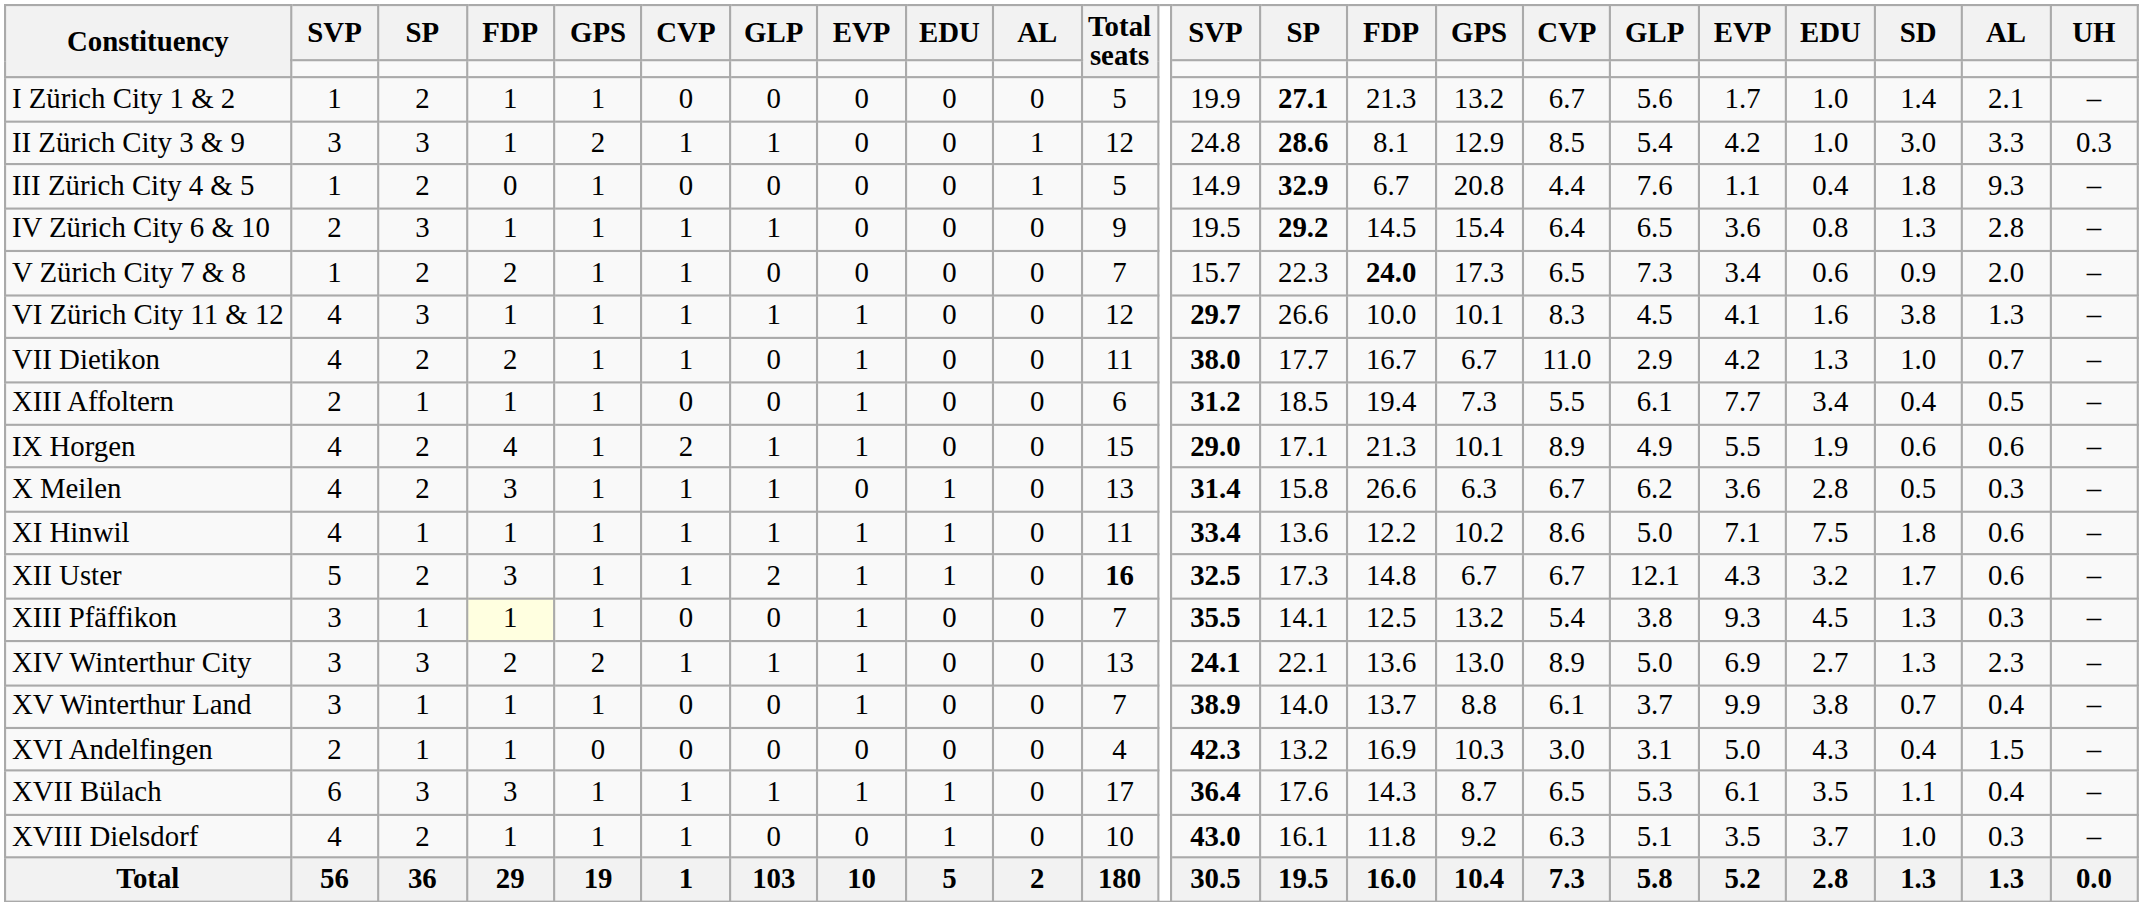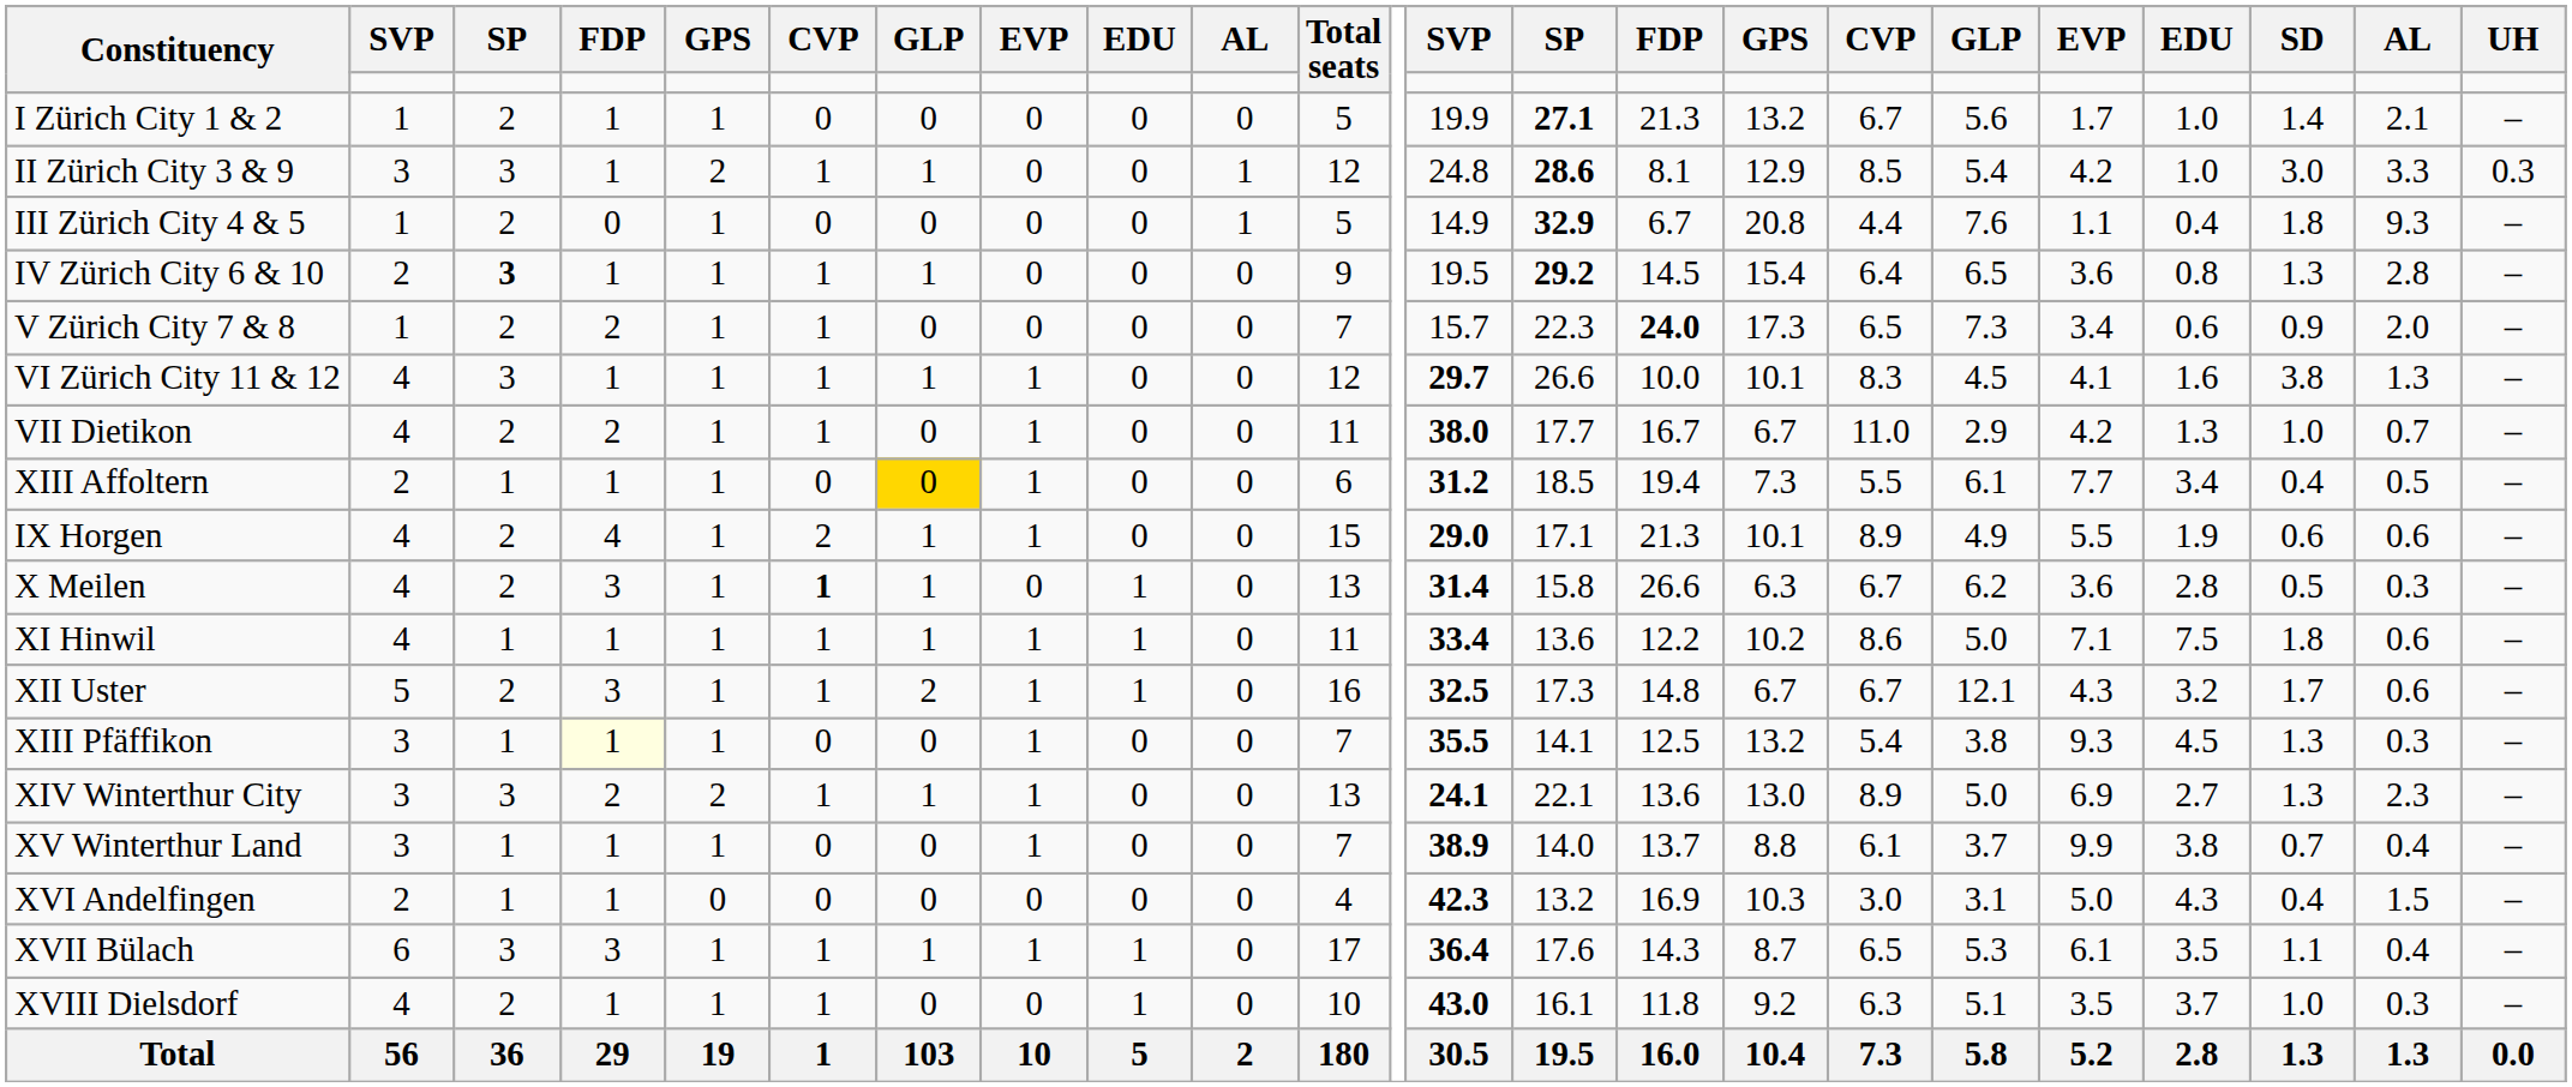 <table class="wikitable mw-datatable" style="text-align:center; font-size:85%; line-height:14px;">
 <tr>
 <th rowspan=2>Constituency</th>
 <th>SVP</th>
 <th>SP</th>
 <th>FDP</th>
 <th>GPS</th>
 <th>CVP</th>
 <th>GLP</th>
 <th>EVP</th>
 <th>EDU</th>
 <th>AL</th>
 <th rowspan=2>Total<br>seats</th>
 <td style="background-color:white;" rowspan=22></td>
 <th>SVP</th>
 <th>SP</th>
 <th>FDP</th>
 <th>GPS</th>
 <th>CVP</th>
 <th>GLP</th>
 <th>EVP</th>
 <th>EDU</th>
 <th>SD</th>
 <th>AL</th>
 <th>UH</th>
 </tr>
 <tr>
 <td style="width:35px; background-color:"></td>
 <td style="width:35px; background-color:"></td>
 <td style="width:35px; background-color:"></td>
 <td style="width:35px; background-color:"></td>
 <td style="width:35px; background-color:"></td>
 <td style="width:35px; background-color:"></td>
 <td style="width:35px; background-color:"></td>
 <td style="width:35px; background-color:"></td>
 <td style="width:35px; background-color:"></td>
 <td style="width:35px; background-color:"></td>
 <td style="width:35px; background-color:"></td>
 <td style="width:35px; background-color:"></td>
 <td style="width:35px; background-color:"></td>
 <td style="width:35px; background-color:"></td>
 <td style="width:35px; background-color:"></td>
 <td style="width:35px; background-color:"></td>
 <td style="width:35px; background-color:"></td>
 <td style="width:35px; background-color:"></td>
 <td style="width:35px; background-color:"></td>
 <td style="width:35px; background-color:"></td>
 </tr>
 <tr>
 <td align="left">I Zürich City 1 & 2</td>
 <td>1</td>
 <td>2</td>
 <td>1</td>
 <td>1</td>
 <td>0</td>
 <td>0</td>
 <td>0</td>
 <td>0</td>
 <td>0</td>
 <td>5</td>
 <td>19.9</td>
 <td style="background-color:#"><strong>27.1</strong></td>
 <td>21.3</td>
 <td>13.2</td>
 <td>6.7</td>
 <td>5.6</td>
 <td>1.7</td>
 <td>1.0</td>
 <td>1.4</td>
 <td>2.1</td>
 <td>–</td>
 </tr>
 <tr>
 <td align="left">II Zürich City 3 & 9</td>
 <td>3</td>
 <td>3</td>
 <td>1</td>
 <td>2</td>
 <td>1</td>
 <td>1</td>
 <td>0</td>
 <td>0</td>
 <td>1</td>
 <td>12</td>
 <td>24.8</td>
 <td style="background-color:#"><strong>28.6</strong></td>
 <td>8.1</td>
 <td>12.9</td>
 <td>8.5</td>
 <td>5.4</td>
 <td>4.2</td>
 <td>1.0</td>
 <td>3.0</td>
 <td>3.3</td>
 <td>0.3</td>
 </tr>
 <tr>
 <td align="left">III Zürich City 4 & 5</td>
 <td>1</td>
 <td>2</td>
 <td>0</td>
 <td>1</td>
 <td>0</td>
 <td>0</td>
 <td>0</td>
 <td>0</td>
 <td>1</td>
 <td>5</td>
 <td>14.9</td>
 <td style="background-color:#"><strong>32.9</strong></td>
 <td>6.7</td>
 <td>20.8</td>
 <td>4.4</td>
 <td>7.6</td>
 <td>1.1</td>
 <td>0.4</td>
 <td>1.8</td>
 <td>9.3</td>
 <td>–</td>
 </tr>
 <tr>
 <td align="left">IV Zürich City 6 & 10</td>
 <td>2</td>
-<td>3</td>
+<td><strong>3</strong></td>
 <td>1</td>
 <td>1</td>
 <td>1</td>
 <td>1</td>
 <td>0</td>
 <td>0</td>
 <td>0</td>
 <td>9</td>
 <td>19.5</td>
 <td style="background-color:#"><strong>29.2</strong></td>
 <td>14.5</td>
 <td>15.4</td>
 <td>6.4</td>
 <td>6.5</td>
 <td>3.6</td>
 <td>0.8</td>
 <td>1.3</td>
 <td>2.8</td>
 <td>–</td>
 </tr>
 <tr>
 <td align="left">V Zürich City 7 & 8</td>
 <td>1</td>
 <td>2</td>
 <td>2</td>
 <td>1</td>
 <td>1</td>
 <td>0</td>
 <td>0</td>
 <td>0</td>
 <td>0</td>
 <td>7</td>
 <td>15.7</td>
 <td>22.3</td>
 <td style="background-color:#"><strong>24.0</strong></td>
 <td>17.3</td>
 <td>6.5</td>
 <td>7.3</td>
 <td>3.4</td>
 <td>0.6</td>
 <td>0.9</td>
 <td>2.0</td>
 <td>–</td>
 </tr>
 <tr>
 <td align="left">VI Zürich City 11 & 12</td>
 <td>4</td>
 <td>3</td>
 <td>1</td>
 <td>1</td>
 <td>1</td>
 <td>1</td>
 <td>1</td>
 <td>0</td>
 <td>0</td>
 <td>12</td>
 <td style="background-color:#"><strong>29.7</strong></td>
 <td>26.6</td>
 <td>10.0</td>
 <td>10.1</td>
 <td>8.3</td>
 <td>4.5</td>
 <td>4.1</td>
 <td>1.6</td>
 <td>3.8</td>
 <td>1.3</td>
 <td>–</td>
 </tr>
 <tr>
 <td align="left">VII Dietikon</td>
 <td>4</td>
 <td>2</td>
 <td>2</td>
 <td>1</td>
 <td>1</td>
 <td>0</td>
 <td>1</td>
 <td>0</td>
 <td>0</td>
 <td>11</td>
 <td style="background-color:#"><strong>38.0</strong></td>
 <td>17.7</td>
 <td>16.7</td>
 <td>6.7</td>
 <td>11.0</td>
 <td>2.9</td>
 <td>4.2</td>
 <td>1.3</td>
 <td>1.0</td>
 <td>0.7</td>
 <td>–</td>
 </tr>
 <tr>
 <td align="left">XIII Affoltern</td>
 <td>2</td>
 <td>1</td>
 <td>1</td>
 <td>1</td>
 <td>0</td>
-<td>0</td>
+<td style="background: gold;">0</td>
 <td>1</td>
 <td>0</td>
 <td>0</td>
 <td>6</td>
 <td style="background-color:#"><strong>31.2</strong></td>
 <td>18.5</td>
 <td>19.4</td>
 <td>7.3</td>
 <td>5.5</td>
 <td>6.1</td>
 <td>7.7</td>
 <td>3.4</td>
 <td>0.4</td>
 <td>0.5</td>
 <td>–</td>
 </tr>
 <tr>
 <td align="left">IX Horgen</td>
 <td>4</td>
 <td>2</td>
 <td>4</td>
 <td>1</td>
 <td>2</td>
 <td>1</td>
 <td>1</td>
 <td>0</td>
 <td>0</td>
 <td>15</td>
 <td style="background-color:#"><strong>29.0</strong></td>
 <td>17.1</td>
 <td>21.3</td>
 <td>10.1</td>
 <td>8.9</td>
 <td>4.9</td>
 <td>5.5</td>
 <td>1.9</td>
 <td>0.6</td>
 <td>0.6</td>
 <td>–</td>
 </tr>
 <tr>
 <td align="left">X Meilen</td>
 <td>4</td>
 <td>2</td>
 <td>3</td>
 <td>1</td>
-<td>1</td>
+<td><strong>1</strong></td>
 <td>1</td>
 <td>0</td>
 <td>1</td>
 <td>0</td>
 <td>13</td>
 <td style="background-color:#"><strong>31.4</strong></td>
 <td>15.8</td>
 <td>26.6</td>
 <td>6.3</td>
 <td>6.7</td>
 <td>6.2</td>
 <td>3.6</td>
 <td>2.8</td>
 <td>0.5</td>
 <td>0.3</td>
 <td>–</td>
 </tr>
 <tr>
 <td align="left">XI Hinwil</td>
 <td>4</td>
 <td>1</td>
 <td>1</td>
 <td>1</td>
 <td>1</td>
 <td>1</td>
 <td>1</td>
 <td>1</td>
 <td>0</td>
 <td>11</td>
 <td style="background-color:#"><strong>33.4</strong></td>
 <td>13.6</td>
 <td>12.2</td>
 <td>10.2</td>
 <td>8.6</td>
 <td>5.0</td>
 <td>7.1</td>
 <td>7.5</td>
 <td>1.8</td>
 <td>0.6</td>
 <td>–</td>
 </tr>
 <tr>
 <td align="left">XII Uster</td>
 <td>5</td>
 <td>2</td>
 <td>3</td>
 <td>1</td>
 <td>1</td>
 <td>2</td>
 <td>1</td>
 <td>1</td>
 <td>0</td>
-<td><strong>16</strong></td>
+<td>16</td>
 <td style="background-color:#"><strong>32.5</strong></td>
 <td>17.3</td>
 <td>14.8</td>
 <td>6.7</td>
 <td>6.7</td>
 <td>12.1</td>
 <td>4.3</td>
 <td>3.2</td>
 <td>1.7</td>
 <td>0.6</td>
 <td>–</td>
 </tr>
 <tr>
 <td align="left">XIII Pfäffikon</td>
 <td>3</td>
 <td>1</td>
 <td style="background: lightyellow;">1</td>
 <td>1</td>
 <td>0</td>
 <td>0</td>
 <td>1</td>
 <td>0</td>
 <td>0</td>
 <td>7</td>
 <td style="background-color:#"><strong>35.5</strong></td>
 <td>14.1</td>
 <td>12.5</td>
 <td>13.2</td>
 <td>5.4</td>
 <td>3.8</td>
 <td>9.3</td>
 <td>4.5</td>
 <td>1.3</td>
 <td>0.3</td>
 <td>–</td>
 </tr>
 <tr>
 <td align="left">XIV Winterthur City</td>
 <td>3</td>
 <td>3</td>
 <td>2</td>
 <td>2</td>
 <td>1</td>
 <td>1</td>
 <td>1</td>
 <td>0</td>
 <td>0</td>
 <td>13</td>
 <td style="background-color:#"><strong>24.1</strong></td>
 <td>22.1</td>
 <td>13.6</td>
 <td>13.0</td>
 <td>8.9</td>
 <td>5.0</td>
 <td>6.9</td>
 <td>2.7</td>
 <td>1.3</td>
 <td>2.3</td>
 <td>–</td>
 </tr>
 <tr>
 <td align="left">XV Winterthur Land</td>
 <td>3</td>
 <td>1</td>
 <td>1</td>
 <td>1</td>
 <td>0</td>
 <td>0</td>
 <td>1</td>
 <td>0</td>
 <td>0</td>
 <td>7</td>
 <td style="background-color:#"><strong>38.9</strong></td>
 <td>14.0</td>
 <td>13.7</td>
 <td>8.8</td>
 <td>6.1</td>
 <td>3.7</td>
 <td>9.9</td>
 <td>3.8</td>
 <td>0.7</td>
 <td>0.4</td>
 <td>–</td>
 </tr>
 <tr>
 <td align="left">XVI Andelfingen</td>
 <td>2</td>
 <td>1</td>
 <td>1</td>
 <td>0</td>
 <td>0</td>
 <td>0</td>
 <td>0</td>
 <td>0</td>
 <td>0</td>
 <td>4</td>
 <td style="background-color:#"><strong>42.3</strong></td>
 <td>13.2</td>
 <td>16.9</td>
 <td>10.3</td>
 <td>3.0</td>
 <td>3.1</td>
 <td>5.0</td>
 <td>4.3</td>
 <td>0.4</td>
 <td>1.5</td>
 <td>–</td>
 </tr>
 <tr>
 <td align="left">XVII Bülach</td>
 <td>6</td>
 <td>3</td>
 <td>3</td>
 <td>1</td>
 <td>1</td>
 <td>1</td>
 <td>1</td>
 <td>1</td>
 <td>0</td>
 <td>17</td>
 <td style="background-color:#"><strong>36.4</strong></td>
 <td>17.6</td>
 <td>14.3</td>
 <td>8.7</td>
 <td>6.5</td>
 <td>5.3</td>
 <td>6.1</td>
 <td>3.5</td>
 <td>1.1</td>
 <td>0.4</td>
 <td>–</td>
 </tr>
 <tr>
 <td align="left">XVIII Dielsdorf</td>
 <td>4</td>
 <td>2</td>
 <td>1</td>
 <td>1</td>
 <td>1</td>
 <td>0</td>
 <td>0</td>
 <td>1</td>
 <td>0</td>
 <td>10</td>
 <td style="background-color:#"><strong>43.0</strong></td>
 <td>16.1</td>
 <td>11.8</td>
 <td>9.2</td>
 <td>6.3</td>
 <td>5.1</td>
 <td>3.5</td>
 <td>3.7</td>
 <td>1.0</td>
 <td>0.3</td>
 <td>–</td>
 </tr>
 <tr>
 <th>Total</th>
 <th>56</th>
 <th>36</th>
 <th>29</th>
 <th>19</th>
 <th>1</th>
 <th>103</th>
 <th>10</th>
 <th>5</th>
 <th>2</th>
 <th>180</th>
 <th style="background-color:#">30.5</th>
 <th>19.5</th>
 <th>16.0</th>
 <th>10.4</th>
 <th>7.3</th>
 <th>5.8</th>
 <th>5.2</th>
 <th>2.8</th>
 <th>1.3</th>
 <th>1.3</th>
 <th>0.0</th>
 </tr>
 <tr>
 </tr>
 </table>
